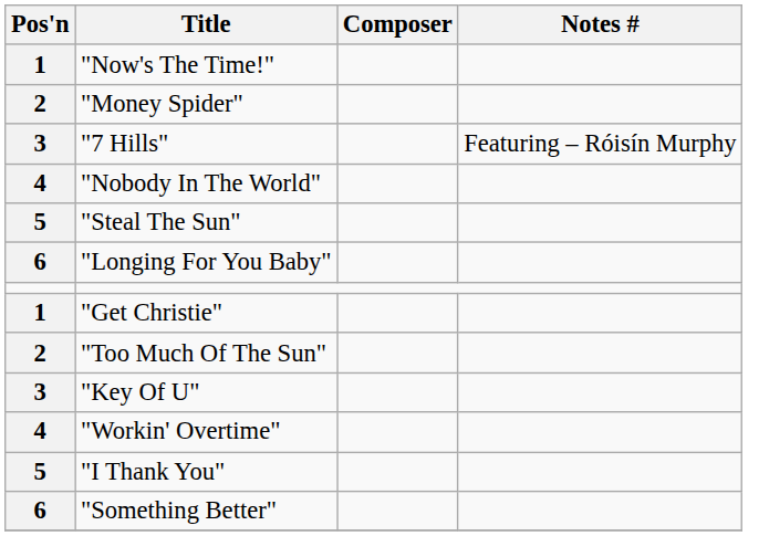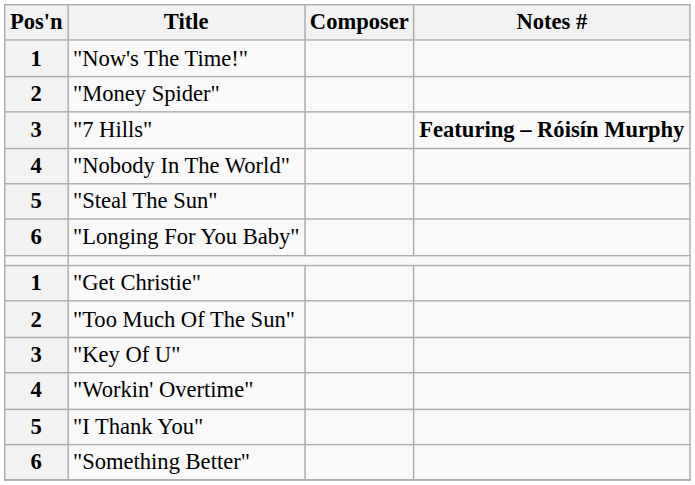 <table class="wikitable plainrowheaders sortable">
 <tr>
 <th scope="col">Pos'n</th>
 <th scope="col">Title</th>
 <th scope="col">Composer</th>
 <th scope="col" class="unsortable">Notes #</th>
 </tr>
 <tr>
 <th scope="row">1</th>
 <td>"Now's The Time!"</td>
 <td></td>
 <td></td>
 </tr>
 <tr>
 <th scope="row">2</th>
 <td>"Money Spider"</td>
 <td></td>
 <td></td>
 </tr>
 <tr>
 <th scope="row">3</th>
 <td>"7 Hills"</td>
 <td></td>
-<td>Featuring – Róisín Murphy</td>
+<td><strong>Featuring – Róisín Murphy</strong></td>
 </tr>
 <tr>
 <th scope="row">4</th>
 <td>"Nobody In The World"</td>
 <td></td>
 <td></td>
 </tr>
 <tr>
 <th scope="row">5</th>
 <td>"Steal The Sun"</td>
 <td></td>
 <td></td>
 </tr>
 <tr>
 <th scope="row">6</th>
 <td>"Longing For You Baby"</td>
 <td></td>
 <td></td>
 </tr>
 <tr>
 <td></td>
 </tr>
 <tr>
 <th scope="row">1</th>
 <td>"Get Christie"</td>
 <td></td>
 <td></td>
 </tr>
 <tr>
 <th scope="row">2</th>
 <td>"Too Much Of The Sun"</td>
 <td></td>
 <td></td>
 </tr>
 <tr>
 <th scope="row">3</th>
 <td>"Key Of U"</td>
 <td></td>
 <td></td>
 </tr>
 <tr>
 <th scope="row">4</th>
 <td>"Workin' Overtime"</td>
 <td></td>
 <td></td>
 </tr>
 <tr>
 <th scope="row">5</th>
 <td>"I Thank You"</td>
 <td></td>
 <td></td>
 </tr>
 <tr>
 <th scope="row">6</th>
 <td>"Something Better"</td>
 <td></td>
 <td></td>
 </tr>
 <tr>
 </tr>
 </table>
